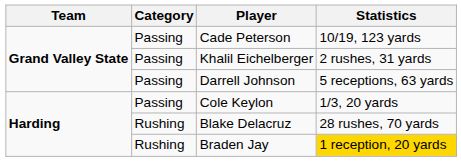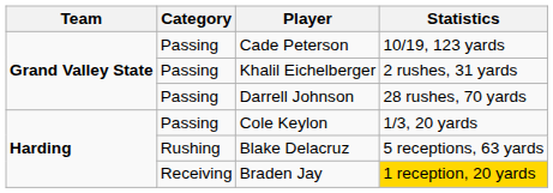 <table class="wikitable" style="float: right;">
 <tr>
 <th>Team</th>
 <th>Category</th>
 <th>Player</th>
 <th>Statistics</th>
 </tr>
 <tr>
 <td rowspan=3><strong>Grand Valley State</strong></td>
 <td>Passing</td>
 <td>Cade Peterson</td>
 <td>10/19, 123 yards</td>
 </tr>
 <tr>
 <td>Passing</td>
 <td>Khalil Eichelberger</td>
 <td>2 rushes, 31 yards</td>
 </tr>
 <tr>
 <td>Passing</td>
 <td>Darrell Johnson</td>
-<td>5 receptions, 63 yards</td>
+<td>28 rushes, 70 yards</td>
 </tr>
 <tr>
 <td rowspan=3><strong>Harding</strong></td>
 <td>Passing</td>
 <td>Cole Keylon</td>
 <td>1/3, 20 yards</td>
 </tr>
 <tr>
 <td>Rushing</td>
 <td>Blake Delacruz</td>
-<td>28 rushes, 70 yards</td>
+<td>5 receptions, 63 yards</td>
 </tr>
 <tr>
-<td>Rushing</td>
+<td>Receiving</td>
 <td>Braden Jay</td>
 <td style="background: gold;">1 reception, 20 yards</td>
 </tr>
 </table>
